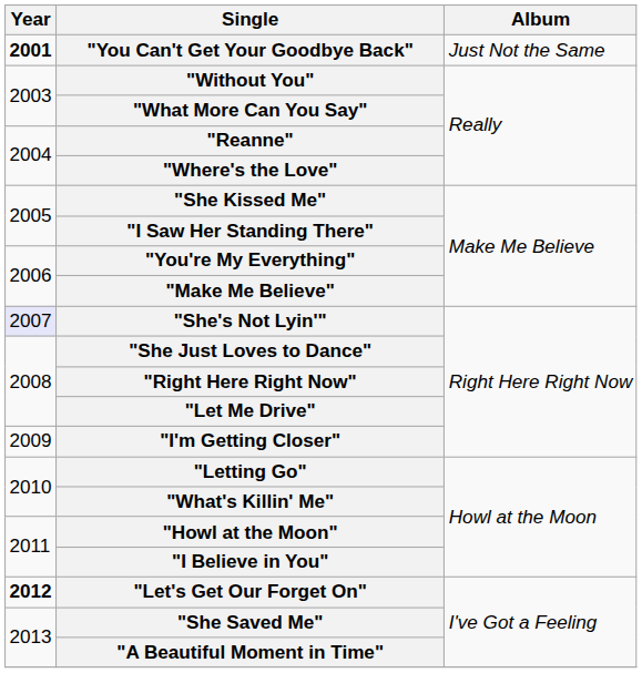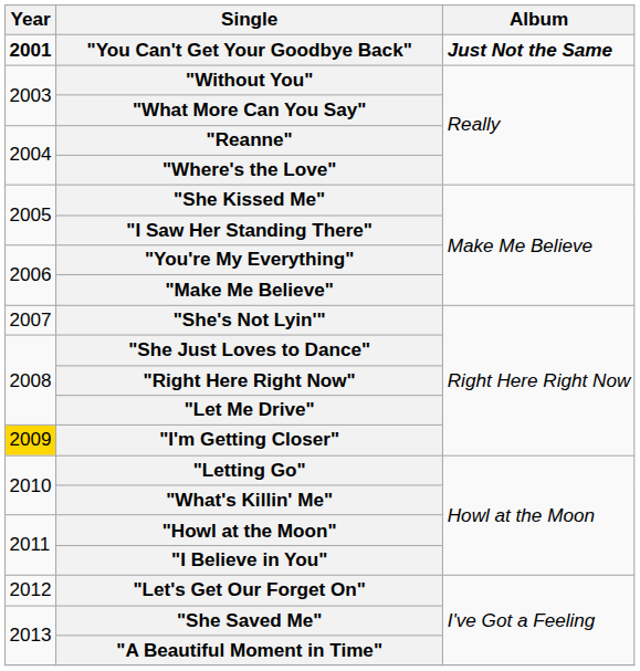 <table class="wikitable plainrowheaders">
 <tr>
 <th>Year</th>
 <th style="width:20em;">Single</th>
 <th>Album</th>
 </tr>
 <tr>
 <td><strong>2001</strong></td>
 <th scope="row">"You Can't Get Your Goodbye Back"</th>
-<td><em>Just Not the Same</em></td>
+<td><strong><em>Just Not the Same</em></strong></td>
 </tr>
 <tr>
 <td rowspan="2">2003</td>
 <th scope="row">"Without You"</th>
 <td rowspan="4"><em>Really</em></td>
 </tr>
 <tr>
 <th scope="row">"What More Can You Say"</th>
 </tr>
 <tr>
 <td rowspan="2">2004</td>
 <th scope="row">"Reanne"</th>
 </tr>
 <tr>
 <th scope="row">"Where's the Love"</th>
 </tr>
 <tr>
 <td rowspan="2">2005</td>
 <th scope="row">"She Kissed Me"</th>
 <td rowspan="4"><em>Make Me Believe</em></td>
 </tr>
 <tr>
 <th scope="row">"I Saw Her Standing There"</th>
 </tr>
 <tr>
 <td rowspan="2">2006</td>
 <th scope="row">"You're My Everything"</th>
 </tr>
 <tr>
 <th scope="row">"Make Me Believe"</th>
 </tr>
 <tr>
-<td style="background: lavender;">2007</td>
+<td>2007</td>
 <th scope="row">"She's Not Lyin'"</th>
 <td rowspan="5"><em>Right Here Right Now</em></td>
 </tr>
 <tr>
 <td rowspan="3">2008</td>
 <th scope="row">"She Just Loves to Dance"</th>
 </tr>
 <tr>
 <th scope="row">"Right Here Right Now"</th>
 </tr>
 <tr>
 <th scope="row">"Let Me Drive"</th>
 </tr>
 <tr>
-<td>2009</td>
+<td style="background: gold;">2009</td>
 <th scope="row">"I'm Getting Closer"</th>
 </tr>
 <tr>
 <td rowspan="2">2010</td>
 <th scope="row">"Letting Go"</th>
 <td rowspan="4"><em>Howl at the Moon</em></td>
 </tr>
 <tr>
 <th scope="row">"What's Killin' Me"</th>
 </tr>
 <tr>
 <td rowspan="2">2011</td>
 <th scope="row">"Howl at the Moon"</th>
 </tr>
 <tr>
 <th scope="row">"I Believe in You"</th>
 </tr>
 <tr>
-<td><strong>2012</strong></td>
+<td>2012</td>
 <th scope="row">"Let's Get Our Forget On"</th>
 <td rowspan="3"><em>I've Got a Feeling</em></td>
 </tr>
 <tr>
 <td rowspan="2">2013</td>
 <th scope="row">"She Saved Me"</th>
 </tr>
 <tr>
 <th scope="row">"A Beautiful Moment in Time"</th>
 </tr>
 <tr>
 </tr>
 </table>
